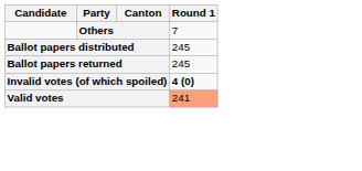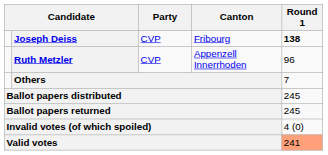 <table class="wikitable">
 <tr>
 <th colspan=2>Candidate</th>
 <th>Party</th>
 <th>Canton</th>
 <th>Round 1</th>
+</tr>
+<tr>
+<td width=5px style="background-color: "></td>
+<td width=200px style="background-color:#F2F2F2"><strong><a href='#'>Joseph Deiss</a></strong></td>
+<td width=80px><a href='#'>CVP</a></td>
+<td width=140px><a href='#'>Fribourg</a></td>
+<td width=60px><strong>138</strong></td>
+</tr>
+<tr>
+<td style="background-color: "></td>
+<td style="background-color:#F2F2F2"><strong><a href='#'>Ruth Metzler</a></strong></td>
+<td><a href='#'>CVP</a></td>
+<td><a href='#'>Appenzell Innerrhoden</a></td>
+<td>96</td>
 </tr>
 <tr>
 <td></td>
 <td colspan=3 style="background-color:#F2F2F2"><strong>Others</strong></td>
 <td>7</td>
 </tr>
 <tr>
 <td colspan=4 style="background-color:#F2F2F2"><strong>Ballot papers distributed</strong></td>
 <td>245</td>
 </tr>
 <tr>
 <td colspan=4 style="background-color:#F2F2F2"><strong>Ballot papers returned</strong></td>
 <td>245</td>
 </tr>
 <tr>
 <td colspan=4 style="background-color:#F2F2F2"><strong>Invalid votes (of which spoiled)</strong></td>
-<td><strong>4 (0)</strong></td>
+<td>4 (0)</td>
 </tr>
 <tr>
 <td colspan=4 style="background-color:#F2F2F2"><strong>Valid votes</strong></td>
 <td style="background: lightsalmon;">241</td>
 </tr>
 </table>
